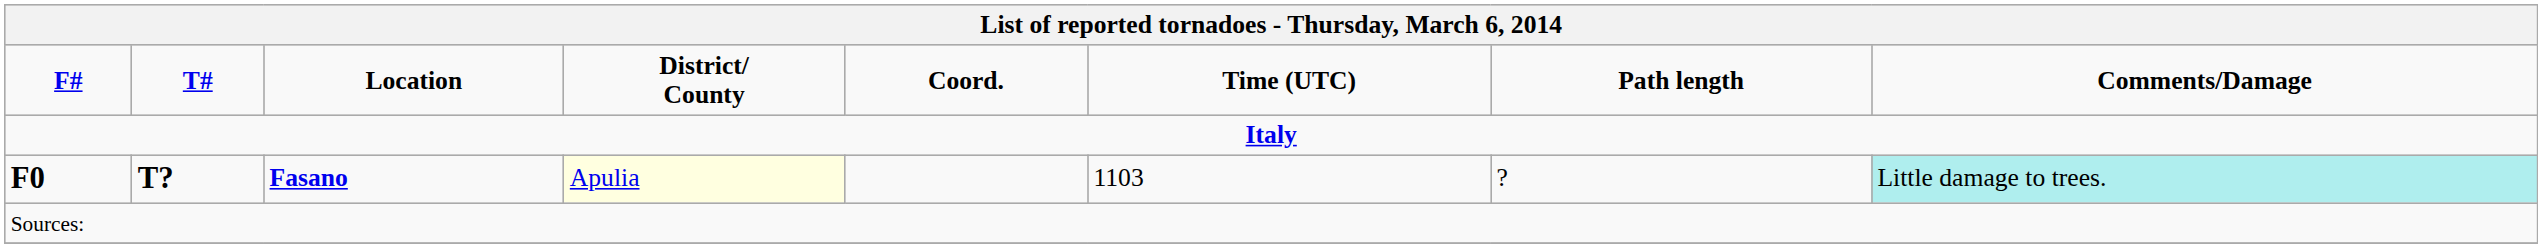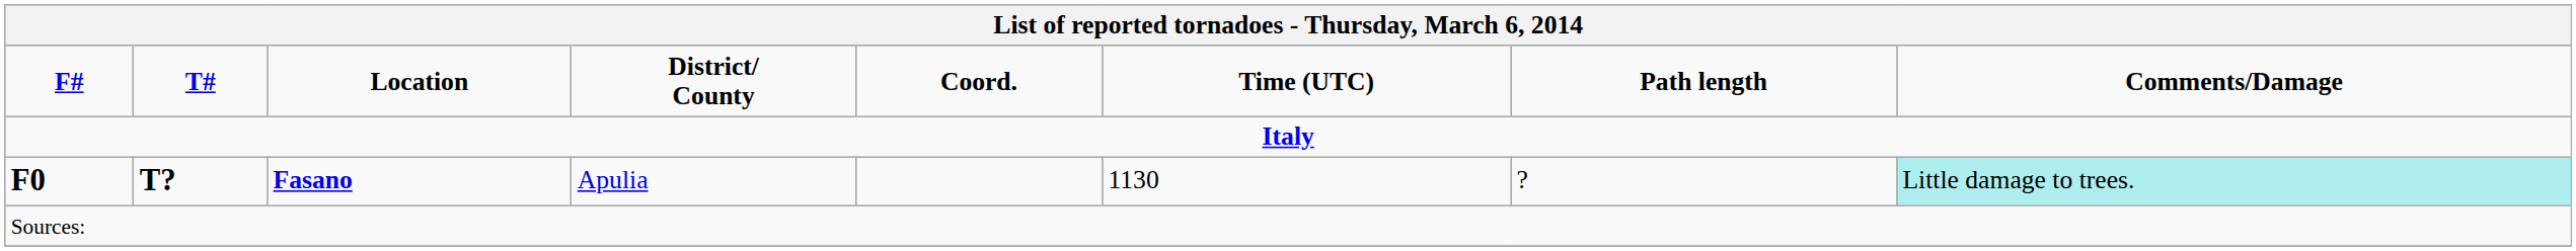 <table class="wikitable collapsible" width="100%">
 <tr>
 <th colspan="8">List of reported tornadoes - Thursday, March 6, 2014</th>
 </tr>
 <tr>
 <td style="text-align: center;"><strong><a href='#'>F#</a></strong></td>
 <td style="text-align: center;"><strong><a href='#'>T#</a></strong></td>
 <td style="text-align: center;"><strong>Location</strong></td>
 <td style="text-align: center;"><strong>District/<br>County</strong></td>
 <td style="text-align: center;"><strong>Coord.</strong></td>
 <td style="text-align: center;"><strong>Time (UTC)</strong></td>
 <td style="text-align: center;"><strong>Path length</strong></td>
 <td style="text-align: center;"><strong>Comments/Damage</strong></td>
 </tr>
 <tr>
 <td colspan="8" align=center><strong><a href='#'>Italy</a></strong></td>
 </tr>
 <tr>
 <td><big><strong>F0</strong></big></td>
 <td><big><strong>T?</strong></big></td>
 <td><strong><a href='#'>Fasano</a></strong></td>
-<td style="background: lightyellow;"><a href='#'>Apulia</a></td>
+<td><a href='#'>Apulia</a></td>
 <td></td>
-<td>1103</td>
+<td>1130</td>
 <td>?</td>
 <td style="background: paleturquoise;">Little damage to trees.</td>
 </tr>
 <tr>
 <td colspan="8"><small>Sources:</small></td>
 </tr>
 <tr>
 </tr>
 </table>
